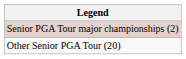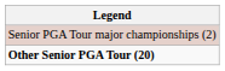 <table class="wikitable" style="font-size:95%;">
 <tr>
 <th>Legend</th>
 </tr>
 <tr style="background:#e5d1cb;">
 <td>Senior PGA Tour major championships (2)</td>
 </tr>
 <tr>
-<td>Other Senior PGA Tour (20)</td>
+<td><strong>Other Senior PGA Tour (20)</strong></td>
 </tr>
 </table>
